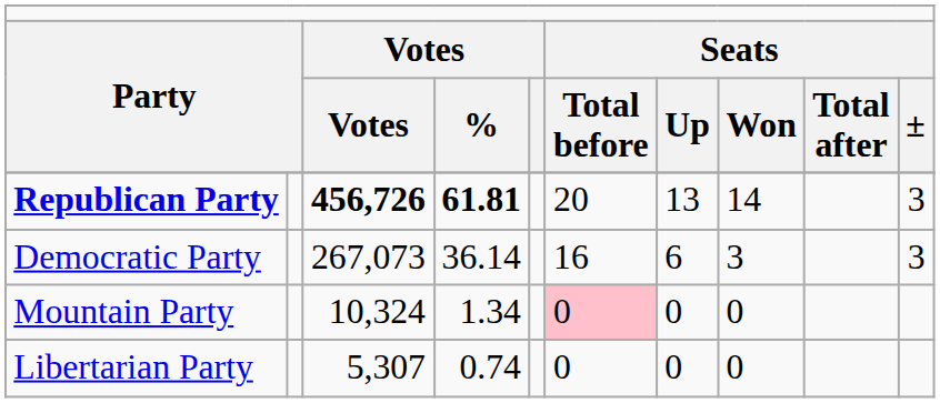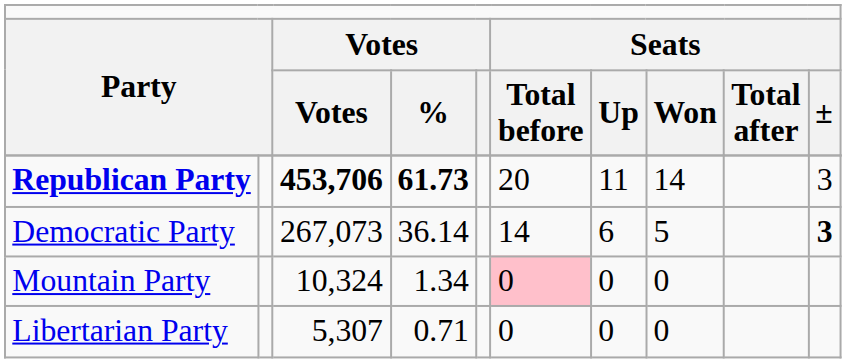 <table class="wikitable sortable" style="text-align:centre;">
 <tr>
 <td colspan=15 align=center></td>
 </tr>
 <tr>
 <th colspan=2 rowspan=2>Party</th>
 <th colspan=3>Votes</th>
 <th colspan=5>Seats</th>
 </tr>
 <tr>
 <th>Votes</th>
 <th>%</th>
 <th class="unsortable"></th>
 <th>Total<br>before</th>
 <th>Up</th>
 <th>Won</th>
 <th>Total<br>after</th>
 <th>±</th>
 </tr>
 <tr>
 </tr>
 <tr>
 <td style="text-align:left;"><strong><a href='#'>Republican Party</a></strong></td>
 <td style="background:"></td>
-<td style="text-align:right;"><strong>456,726</strong></td>
-<td style="text-align:right;"><strong>61.81</strong></td>
+<td style="text-align:right;"><strong>453,706</strong></td>
+<td style="text-align:right;"><strong>61.73</strong></td>
 <td></td>
 <td>20</td>
-<td>13</td>
+<td>11</td>
 <td>14</td>
 <td data-sort-value=""></td>
 <td style="text-align:right;"> 3</td>
 </tr>
 <tr>
 <td style="text-align:left;"><a href='#'>Democratic Party</a></td>
 <td style="background:"></td>
 <td style="text-align:right;">267,073</td>
 <td style="text-align:right;">36.14</td>
 <td></td>
-<td>16</td>
+<td>14</td>
 <td>6</td>
-<td>3</td>
+<td>5</td>
 <td data-sort-value=""></td>
-<td style="text-align:right;"> 3</td>
+<td style="text-align:right;"><strong> 3</strong></td>
 </tr>
 <tr>
 <td style="text-align:left;"><a href='#'>Mountain Party</a></td>
 <td style="background:"></td>
 <td style="text-align:right;">10,324</td>
 <td style="text-align:right;">1.34</td>
 <td></td>
 <td style="background: pink;">0</td>
 <td>0</td>
 <td>0</td>
 <td data-sort-value=""></td>
 <td style="text-align:right;"></td>
 </tr>
 <tr>
 <td style="text-align:left;"><a href='#'>Libertarian Party</a></td>
 <td style="background:"></td>
 <td style="text-align:right;">5,307</td>
-<td style="text-align:right;">0.74</td>
+<td style="text-align:right;">0.71</td>
 <td></td>
 <td>0</td>
 <td>0</td>
 <td>0</td>
 <td data-sort-value=""></td>
 <td style="text-align:right;"></td>
 </tr>
 </table>
